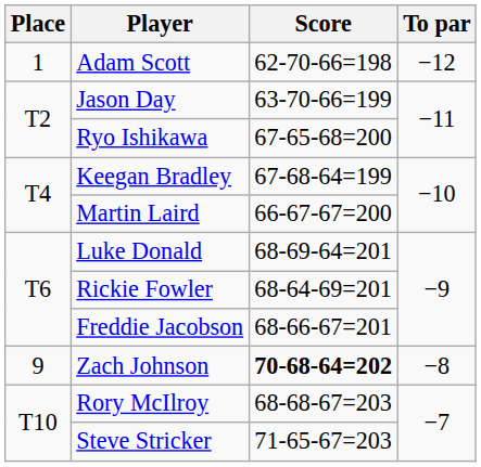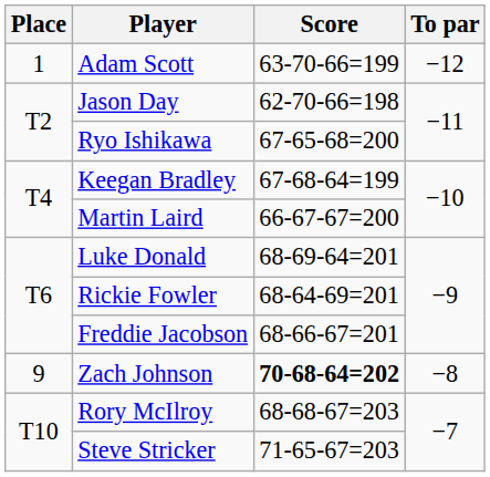 <table class="wikitable">
 <tr>
 <th>Place</th>
 <th>Player</th>
 <th>Score</th>
 <th>To par</th>
 </tr>
 <tr>
 <td align=center>1</td>
 <td> <a href='#'>Adam Scott</a></td>
-<td align=center>62-70-66=198</td>
+<td align=center>63-70-66=199</td>
 <td align=center>−12</td>
 </tr>
 <tr>
 <td rowspan="2" align=center>T2</td>
 <td> <a href='#'>Jason Day</a></td>
-<td align=center>63-70-66=199</td>
+<td align=center>62-70-66=198</td>
 <td rowspan=2 align=center>−11</td>
 </tr>
 <tr>
 <td> <a href='#'>Ryo Ishikawa</a></td>
 <td align=center>67-65-68=200</td>
 </tr>
 <tr>
 <td rowspan="2" align=center>T4</td>
 <td> <a href='#'>Keegan Bradley</a></td>
 <td align=center>67-68-64=199</td>
 <td rowspan=2 align=center>−10</td>
 </tr>
 <tr>
 <td> <a href='#'>Martin Laird</a></td>
 <td align=center>66-67-67=200</td>
 </tr>
 <tr>
 <td rowspan="3" align=center>T6</td>
 <td> <a href='#'>Luke Donald</a></td>
 <td align=center>68-69-64=201</td>
 <td rowspan=3 align=center>−9</td>
 </tr>
 <tr>
 <td> <a href='#'>Rickie Fowler</a></td>
 <td align=center>68-64-69=201</td>
 </tr>
 <tr>
 <td> <a href='#'>Freddie Jacobson</a></td>
 <td align=center>68-66-67=201</td>
 </tr>
 <tr>
 <td align=center>9</td>
 <td> <a href='#'>Zach Johnson</a></td>
 <td align=center><strong>70-68-64=202</strong></td>
 <td align=center>−8</td>
 </tr>
 <tr>
 <td rowspan="2" align=center>T10</td>
 <td> <a href='#'>Rory McIlroy</a></td>
 <td align=center>68-68-67=203</td>
 <td rowspan=2 align=center>−7</td>
 </tr>
 <tr>
 <td> <a href='#'>Steve Stricker</a></td>
 <td align=center>71-65-67=203</td>
 </tr>
 </table>
